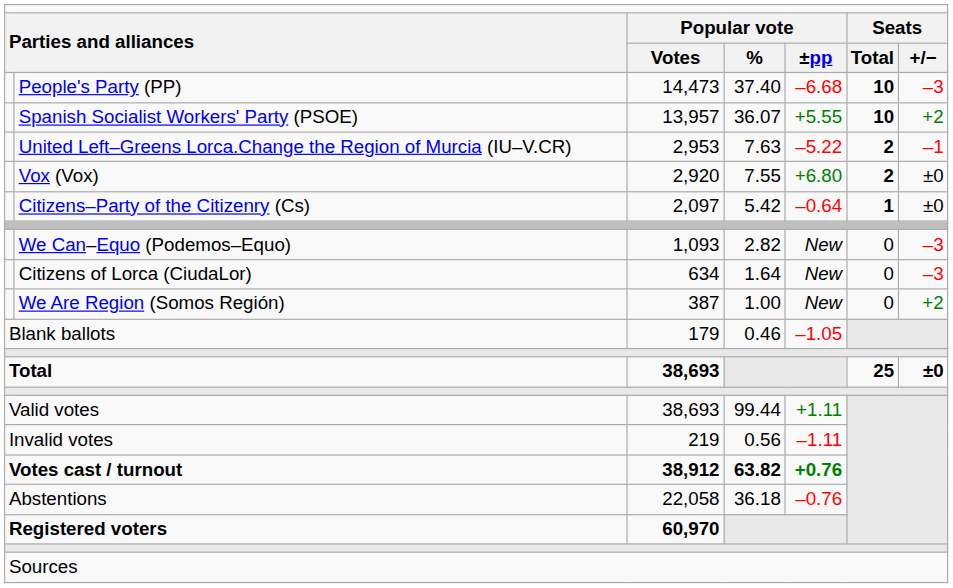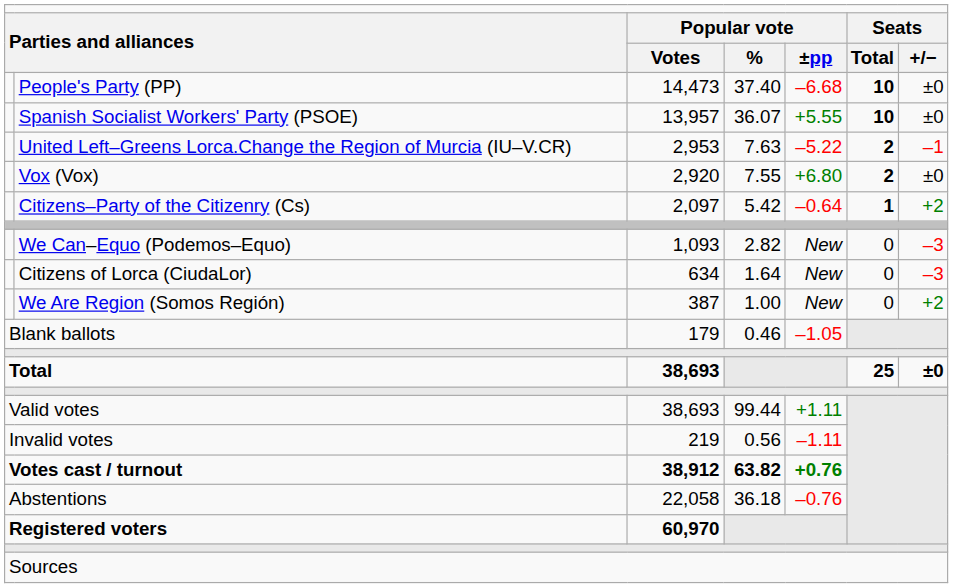 <table class="wikitable" style="text-align:right;">
 <tr>
 <td colspan="7"></td>
 </tr>
 <tr>
 <th style="text-align:left;" rowspan="2" colspan="2" width="525">Parties and alliances</th>
 <th colspan="3">Popular vote</th>
 <th colspan="2">Seats</th>
 </tr>
 <tr>
 <th width="75">Votes</th>
 <th width="45">%</th>
 <th width="45">±<a href='#'>pp</a></th>
 <th width="35">Total</th>
 <th width="35">+/−</th>
 </tr>
 <tr>
 <td width="1" style="color:inherit;background:"></td>
 <td align="left"><a href='#'>People's Party</a> (PP)</td>
 <td>14,473</td>
 <td>37.40</td>
 <td style="color:red;">–6.68</td>
 <td><strong>10</strong></td>
-<td style="color:red;">–3</td>
+<td>±0</td>
 </tr>
 <tr>
 <td style="color:inherit;background:"></td>
 <td align="left"><a href='#'>Spanish Socialist Workers' Party</a> (PSOE)</td>
 <td>13,957</td>
 <td>36.07</td>
 <td style="color:green;">+5.55</td>
 <td><strong>10</strong></td>
-<td style="color:green;">+2</td>
+<td>±0</td>
 </tr>
 <tr>
 <td style="color:inherit;background:"></td>
 <td align="left"><a href='#'>United Left–Greens Lorca.Change the Region of Murcia</a> (IU–V.CR)</td>
 <td>2,953</td>
 <td>7.63</td>
 <td style="color:red;">–5.22</td>
 <td><strong>2</strong></td>
 <td style="color:red;">–1</td>
 </tr>
 <tr>
 <td style="color:inherit;background:"></td>
 <td align="left"><a href='#'>Vox</a> (Vox)</td>
 <td>2,920</td>
 <td>7.55</td>
 <td style="color:green;">+6.80</td>
 <td><strong>2</strong></td>
 <td>±0</td>
 </tr>
 <tr>
 <td style="color:inherit;background:"></td>
 <td align="left"><a href='#'>Citizens–Party of the Citizenry</a> (Cs)</td>
 <td>2,097</td>
 <td>5.42</td>
 <td style="color:red;">–0.64</td>
 <td><strong>1</strong></td>
-<td>±0</td>
+<td style="color:green;">+2</td>
 </tr>
 <tr>
 <td colspan="7" bgcolor="#C0C0C0"></td>
 </tr>
 <tr>
 <td style="color:inherit;background:"></td>
 <td align="left"><a href='#'>We Can</a>–<a href='#'>Equo</a> (Podemos–Equo)</td>
 <td>1,093</td>
 <td>2.82</td>
 <td><em>New</em></td>
 <td>0</td>
 <td style="color:red;">–3</td>
 </tr>
 <tr>
 <td style="color:inherit;background:"></td>
 <td align="left">Citizens of Lorca (CiudaLor)</td>
 <td>634</td>
 <td>1.64</td>
 <td><em>New</em></td>
 <td>0</td>
 <td style="color:red;">–3</td>
 </tr>
 <tr>
 <td style="color:inherit;background:"></td>
 <td align="left"><a href='#'>We Are Region</a> (Somos Región)</td>
 <td>387</td>
 <td>1.00</td>
 <td><em>New</em></td>
 <td>0</td>
 <td style="color:green;">+2</td>
 </tr>
 <tr>
 <td align="left" colspan="2">Blank ballots</td>
 <td>179</td>
 <td>0.46</td>
 <td style="color:red;">–1.05</td>
 <td bgcolor="#E9E9E9" colspan="2"></td>
 </tr>
 <tr>
 <td colspan="7" bgcolor="#E9E9E9"></td>
 </tr>
 <tr style="font-weight:bold;">
 <td align="left" colspan="2">Total</td>
 <td>38,693</td>
 <td bgcolor="#E9E9E9" colspan="2"></td>
 <td>25</td>
 <td>±0</td>
 </tr>
 <tr>
 <td colspan="7" bgcolor="#E9E9E9"></td>
 </tr>
 <tr>
 <td align="left" colspan="2">Valid votes</td>
 <td>38,693</td>
 <td>99.44</td>
 <td style="color:green;">+1.11</td>
 <td bgcolor="#E9E9E9" colspan="2" rowspan="5"></td>
 </tr>
 <tr>
 <td align="left" colspan="2">Invalid votes</td>
 <td>219</td>
 <td>0.56</td>
 <td style="color:red;">–1.11</td>
 </tr>
 <tr style="font-weight:bold;">
 <td align="left" colspan="2">Votes cast / turnout</td>
 <td>38,912</td>
 <td>63.82</td>
 <td style="color:green;">+0.76</td>
 </tr>
 <tr>
 <td align="left" colspan="2">Abstentions</td>
 <td>22,058</td>
 <td>36.18</td>
 <td style="color:red;">–0.76</td>
 </tr>
 <tr style="font-weight:bold;">
 <td align="left" colspan="2">Registered voters</td>
 <td>60,970</td>
 <td bgcolor="#E9E9E9" colspan="2"></td>
 </tr>
 <tr>
 <td colspan="7" bgcolor="#E9E9E9"></td>
 </tr>
 <tr>
 <td align="left" colspan="7">Sources</td>
 </tr>
 </table>
